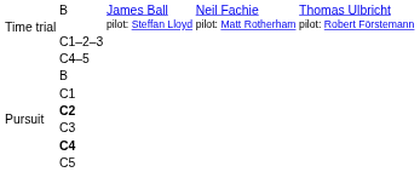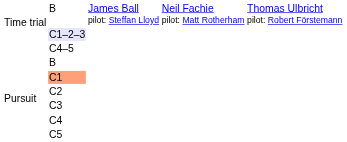 <table>
 <tr>
 <td rowspan=3>Time trial<br></td>
 <td>B<br></td>
 <td><br><a href='#'>James Ball</a><br><small>pilot: <a href='#'>Steffan Lloyd</a></small></td>
 <td><br><a href='#'>Neil Fachie</a><br><small>pilot: <a href='#'>Matt Rotherham</a></small></td>
 <td><br><a href='#'>Thomas Ulbricht</a><br><small>pilot: <a href='#'>Robert Förstemann</a></small></td>
 </tr>
 <tr>
-<td>C1–2–3<br></td>
+<td style="background: lavender;">C1–2–3<br></td>
 <td></td>
 <td></td>
 <td></td>
 </tr>
 <tr>
 <td>C4–5<br></td>
 <td></td>
 <td></td>
 <td></td>
 </tr>
 <tr>
 <td rowspan=6>Pursuit<br></td>
 <td>B<br></td>
 <td></td>
 <td></td>
 <td></td>
 </tr>
 <tr>
-<td>C1<br></td>
+<td style="background: lightsalmon;">C1<br></td>
 <td></td>
 <td></td>
 <td></td>
 </tr>
 <tr>
-<td><strong>C2<br></strong></td>
+<td>C2<br></td>
 <td></td>
 <td></td>
 <td></td>
 </tr>
 <tr>
 <td>C3<br></td>
 <td></td>
 <td></td>
 <td></td>
 </tr>
 <tr>
-<td><strong>C4<br></strong></td>
+<td>C4<br></td>
 <td></td>
 <td></td>
 <td></td>
 </tr>
 <tr>
 <td>C5<br></td>
 <td></td>
 <td></td>
 <td></td>
 </tr>
 </table>
